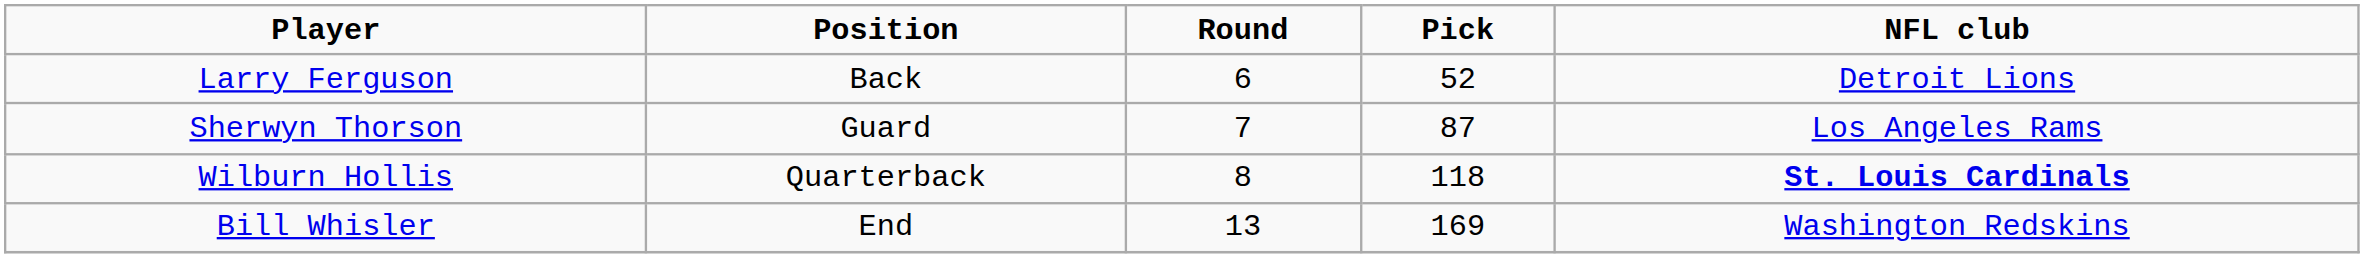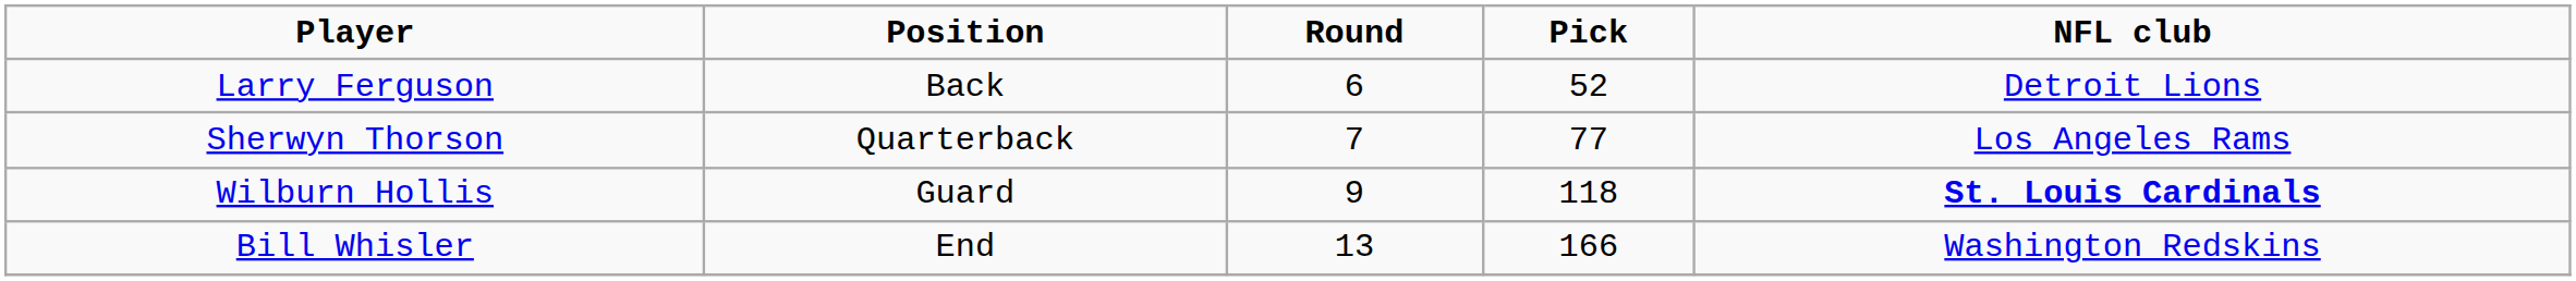 <table class="wikitable" width="80%">
 <tr align="center">
 <td><strong>Player</strong></td>
 <td><strong>Position</strong></td>
 <td><strong>Round</strong></td>
 <td><strong>Pick</strong></td>
 <td><strong>NFL club</strong></td>
 </tr>
 <tr align="center" bgcolor="">
 <td><a href='#'>Larry Ferguson</a></td>
 <td>Back</td>
 <td>6</td>
 <td>52</td>
 <td><a href='#'>Detroit Lions</a></td>
 </tr>
 <tr align="center" bgcolor="">
 <td><a href='#'>Sherwyn Thorson</a></td>
-<td>Guard</td>
+<td>Quarterback</td>
 <td>7</td>
-<td>87</td>
+<td>77</td>
 <td><a href='#'>Los Angeles Rams</a></td>
 </tr>
 <tr align="center" bgcolor="">
 <td><a href='#'>Wilburn Hollis</a></td>
-<td>Quarterback</td>
-<td>8</td>
+<td>Guard</td>
+<td>9</td>
 <td>118</td>
 <td><strong><a href='#'>St. Louis Cardinals</a></strong></td>
 </tr>
 <tr align="center" bgcolor="">
 <td><a href='#'>Bill Whisler</a></td>
 <td>End</td>
 <td>13</td>
-<td>169</td>
+<td>166</td>
 <td><a href='#'>Washington Redskins</a></td>
 </tr>
 <tr align="center" bgcolor="">
 </tr>
 </table>
